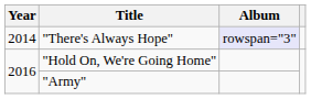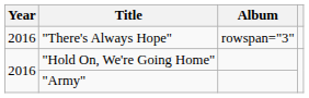 <table class="wikitable sortable">
 <tr>
 <th>Year</th>
 <th>Title</th>
 <th>Album</th>
 <th></th>
 </tr>
 <tr>
-<td rowspan="1">2014</td>
+<td rowspan="1">2016</td>
 <td>"There's Always Hope"</td>
-<td style="background: lavender;">rowspan="3" </td>
+<td>rowspan="3" </td>
 <td></td>
 </tr>
 <tr>
 <td rowspan="2">2016</td>
 <td>"Hold On, We're Going Home"</td>
 <td></td>
 </tr>
 <tr>
 <td>"Army"</td>
 <td></td>
 </tr>
 </table>
